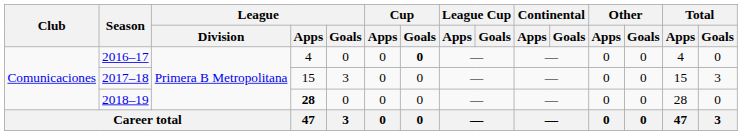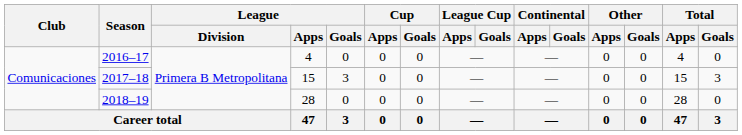 <table class="wikitable" style="text-align:center">
 <tr>
 <th rowspan="2">Club</th>
 <th rowspan="2">Season</th>
 <th colspan="3">League</th>
 <th colspan="2">Cup</th>
 <th colspan="2">League Cup</th>
 <th colspan="2">Continental</th>
 <th colspan="2">Other</th>
 <th colspan="2">Total</th>
 </tr>
 <tr>
 <th>Division</th>
 <th>Apps</th>
 <th>Goals</th>
 <th>Apps</th>
 <th>Goals</th>
 <th>Apps</th>
 <th>Goals</th>
 <th>Apps</th>
 <th>Goals</th>
 <th>Apps</th>
 <th>Goals</th>
 <th>Apps</th>
 <th>Goals</th>
 </tr>
 <tr>
 <td rowspan="3"><a href='#'>Comunicaciones</a></td>
 <td><a href='#'>2016–17</a></td>
 <td rowspan="3"><a href='#'>Primera B Metropolitana</a></td>
 <td>4</td>
 <td>0</td>
 <td>0</td>
-<td><strong>0</strong></td>
+<td>0</td>
 <td colspan="2">—</td>
 <td colspan="2">—</td>
 <td>0</td>
 <td>0</td>
 <td>4</td>
 <td>0</td>
 </tr>
 <tr>
 <td><a href='#'>2017–18</a></td>
 <td>15</td>
 <td>3</td>
 <td>0</td>
 <td>0</td>
 <td colspan="2">—</td>
 <td colspan="2">—</td>
 <td>0</td>
 <td>0</td>
 <td>15</td>
 <td>3</td>
 </tr>
 <tr>
 <td><a href='#'>2018–19</a></td>
-<td><strong>28</strong></td>
+<td>28</td>
 <td>0</td>
 <td>0</td>
 <td>0</td>
 <td colspan="2">—</td>
 <td colspan="2">—</td>
 <td>0</td>
 <td>0</td>
 <td>28</td>
 <td>0</td>
 </tr>
 <tr>
 <th colspan="3">Career total</th>
 <th>47</th>
 <th>3</th>
 <th>0</th>
 <th>0</th>
 <th colspan="2">—</th>
 <th colspan="2">—</th>
 <th>0</th>
 <th>0</th>
 <th>47</th>
 <th>3</th>
 </tr>
 </table>
